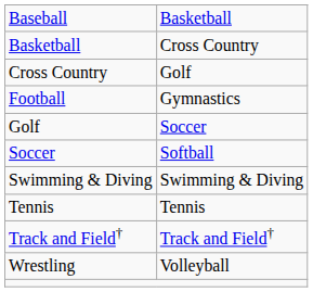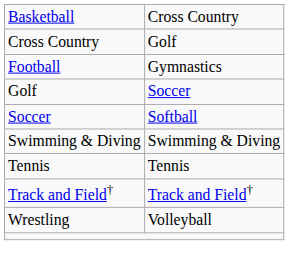 <table class="wikitable" style=" ;">
 <tr>
-</tr>
-<tr>
-<td><a href='#'>Baseball</a></td>
-<td><a href='#'>Basketball</a></td>
 </tr>
 <tr>
 <td><a href='#'>Basketball</a></td>
 <td>Cross Country</td>
 </tr>
 <tr>
 <td>Cross Country</td>
 <td>Golf</td>
 </tr>
 <tr>
 <td><a href='#'>Football</a></td>
 <td>Gymnastics</td>
 </tr>
 <tr>
 <td>Golf</td>
 <td><a href='#'>Soccer</a></td>
 </tr>
 <tr>
 <td><a href='#'>Soccer</a></td>
 <td><a href='#'>Softball</a></td>
 </tr>
 <tr>
 <td>Swimming & Diving</td>
 <td>Swimming & Diving</td>
 </tr>
 <tr>
 <td>Tennis</td>
 <td>Tennis</td>
 </tr>
 <tr>
 <td><a href='#'>Track and Field</a><sup>†</sup></td>
 <td><a href='#'>Track and Field</a><sup>†</sup></td>
 </tr>
 <tr>
 <td>Wrestling</td>
 <td>Volleyball</td>
 </tr>
 <tr>
 <td colspan=2></td>
 </tr>
 </table>
